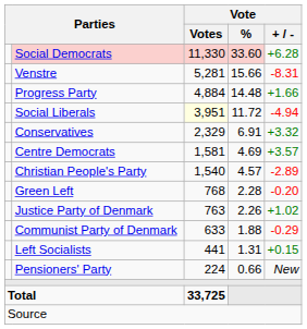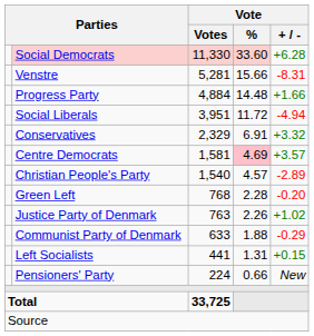 <table class="wikitable" style="text-align:right;">
 <tr>
 <th style="text-align:centre;" rowspan="2" colspan="2" width="225">Parties</th>
 <th colspan="3">Vote</th>
 </tr>
 <tr>
 <th width="15">Votes</th>
 <th width="15">%</th>
 <th width="15">+ / -</th>
 </tr>
 <tr>
 <td width="2" style="color:inherit;background:"></td>
 <td bgcolor=#fbd0ce  align="left"><a href='#'>Social Democrats</a></td>
 <td bgcolor=#fbd0ce>11,330</td>
 <td bgcolor=#fbd0ce>33.60</td>
 <td style=color:green;>+6.28</td>
 </tr>
 <tr>
 <td width="2" style="color:inherit;background:"></td>
 <td align="left"><a href='#'>Venstre</a></td>
 <td>5,281</td>
 <td>15.66</td>
 <td style=color:red;>-8.31</td>
 </tr>
 <tr>
 <td width="2" style="color:inherit;background:"></td>
 <td align="left"><a href='#'>Progress Party</a></td>
 <td>4,884</td>
 <td>14.48</td>
 <td style=color:green;>+1.66</td>
 </tr>
 <tr>
 <td width="2" style="color:inherit;background:"></td>
 <td align="left"><a href='#'>Social Liberals</a></td>
-<td style="background: lightyellow;">3,951</td>
+<td>3,951</td>
 <td>11.72</td>
 <td style=color:red;>-4.94</td>
 </tr>
 <tr>
 <td width="2" style="color:inherit;background:"></td>
 <td align="left"><a href='#'>Conservatives</a></td>
 <td>2,329</td>
 <td>6.91</td>
 <td style=color:green;>+3.32</td>
 </tr>
 <tr>
 <td width="2" style="color:inherit;background:"></td>
 <td align="left"><a href='#'>Centre Democrats</a></td>
 <td>1,581</td>
-<td>4.69</td>
+<td style="background: pink;">4.69</td>
 <td style=color:green;>+3.57</td>
 </tr>
 <tr>
 <td width="2" style="color:inherit;background:"></td>
 <td align="left"><a href='#'>Christian People's Party</a></td>
 <td>1,540</td>
 <td>4.57</td>
 <td style=color:red;>-2.89</td>
 </tr>
 <tr>
 <td width="2" style="color:inherit;background:"></td>
 <td align="left"><a href='#'>Green Left</a></td>
 <td>768</td>
 <td>2.28</td>
 <td style=color:red;>-0.20</td>
 </tr>
 <tr>
 <td width="2" style="color:inherit;background:"></td>
 <td align="left"><a href='#'>Justice Party of Denmark</a></td>
 <td>763</td>
 <td>2.26</td>
 <td style=color:green;>+1.02</td>
 </tr>
 <tr>
 <td width="2" style="color:inherit;background:"></td>
 <td align="left"><a href='#'>Communist Party of Denmark</a></td>
 <td>633</td>
 <td>1.88</td>
 <td style=color:red;>-0.29</td>
 </tr>
 <tr>
 <td width="2" style="color:inherit;background:"></td>
 <td align="left"><a href='#'>Left Socialists</a></td>
 <td>441</td>
 <td>1.31</td>
 <td style=color:green;>+0.15</td>
 </tr>
 <tr>
 <td width="2" style="color:inherit;background:"></td>
 <td align="left"><a href='#'>Pensioners' Party</a></td>
 <td>224</td>
 <td>0.66</td>
 <td><em>New</em></td>
 </tr>
 <tr>
 <td colspan="7" bgcolor="#E9E9E9"></td>
 </tr>
 <tr>
 <td align="left" colspan="2"><strong>Total</strong></td>
 <td><strong>33,725</strong></td>
 <td bgcolor="#E9E9E9" colspan="2"></td>
 </tr>
 <tr>
 <td align="left" colspan="6">Source</td>
 </tr>
 </table>
